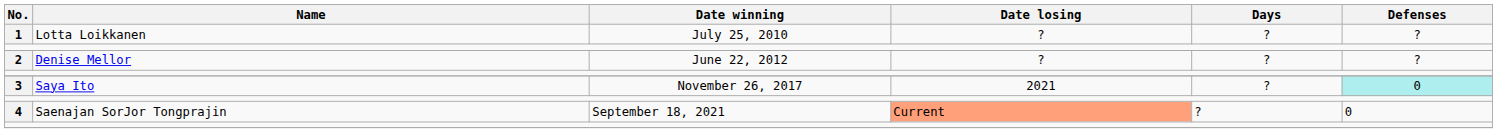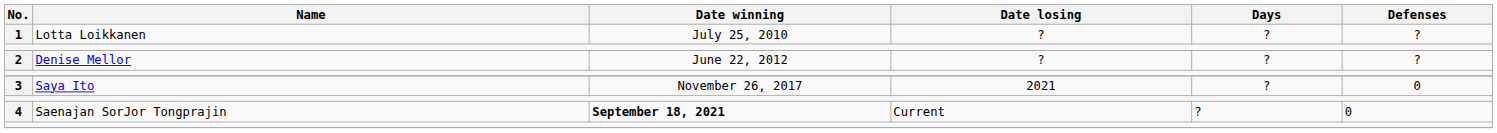 <table class="wikitable" width=100%>
 <tr>
 <th style="width:1%;">No.</th>
 <th style="width:37%;">Name</th>
 <th style="width:20%;">Date winning</th>
 <th style="width:20%;">Date losing</th>
 <th data-sort-type="number" style="width:10%;">Days</th>
 <th data-sort-type="number" style="width:10%;">Defenses</th>
 </tr>
 <tr align=center>
 <th>1</th>
 <td align=left> Lotta Loikkanen</td>
 <td>July 25, 2010</td>
 <td>?</td>
 <td>?</td>
 <td>?</td>
 </tr>
 <tr>
 <td colspan="6"></td>
 </tr>
 <tr>
 </tr>
 <tr align=center>
 <th>2</th>
 <td align=left> <a href='#'>Denise Mellor</a></td>
 <td>June 22, 2012</td>
 <td>?</td>
 <td>?</td>
 <td>?</td>
 </tr>
 <tr>
 <td colspan="6"></td>
 </tr>
 <tr>
 </tr>
 <tr align=center>
 <th>3</th>
 <td align=left> <a href='#'>Saya Ito</a></td>
 <td>November 26, 2017</td>
 <td>2021</td>
 <td>?</td>
-<td style="background: paleturquoise;">0</td>
+<td>0</td>
 </tr>
 <tr>
 <td colspan="6"></td>
 </tr>
 <tr>
 <th>4</th>
 <td align=left> Saenajan SorJor Tongprajin</td>
-<td>September 18, 2021</td>
-<td style="background: lightsalmon;">Current</td>
+<td><strong>September 18, 2021</strong></td>
+<td>Current</td>
 <td>?</td>
 <td>0</td>
 </tr>
 <tr>
 <td colspan="6"></td>
 </tr>
 <tr>
 </tr>
 </table>
